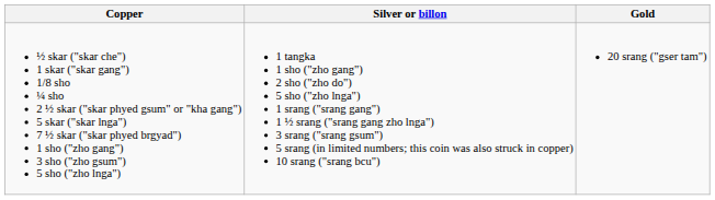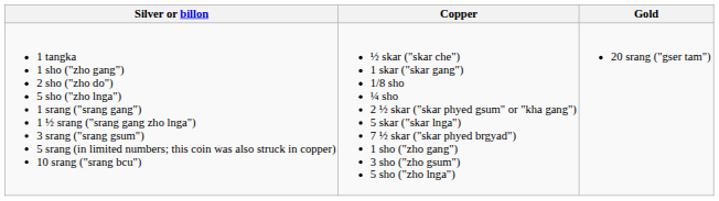 <table class="wikitable" border="1">
 <tr>
+<th>Silver or <a href='#'>billon</a></th>
 <th>Copper</th>
-<th>Silver or <a href='#'>billon</a></th>
 <th>Gold</th>
 </tr>
 <tr valign="top">
+<td><br><ul><li>1 tangka</li><li>1 sho ("zho gang")</li><li>2 sho ("zho do")</li><li>5 sho ("zho lnga")</li><li>1 srang ("srang gang")</li><li>1 ½ srang ("srang gang zho lnga")</li><li>3 srang ("srang gsum")</li><li>5 srang (in limited numbers; this coin was also struck in copper)</li><li>10 srang ("srang bcu")</li></ul></td>
 <td><br><ul><li>½ skar ("skar che")</li><li>1 skar ("skar gang")</li><li>1/8 sho</li><li>¼ sho</li><li>2 ½ skar ("skar phyed gsum" or "kha gang")</li><li>5 skar ("skar lnga")</li><li>7 ½ skar ("skar phyed brgyad")</li><li>1 sho ("zho gang")</li><li>3 sho ("zho gsum")</li><li>5 sho ("zho lnga")</li></ul></td>
-<td><br><ul><li>1 tangka</li><li>1 sho ("zho gang")</li><li>2 sho ("zho do")</li><li>5 sho ("zho lnga")</li><li>1 srang ("srang gang")</li><li>1 ½ srang ("srang gang zho lnga")</li><li>3 srang ("srang gsum")</li><li>5 srang (in limited numbers; this coin was also struck in copper)</li><li>10 srang ("srang bcu")</li></ul></td>
 <td><br><ul><li>20 srang ("gser tam")</li></ul></td>
 </tr>
 </table>
